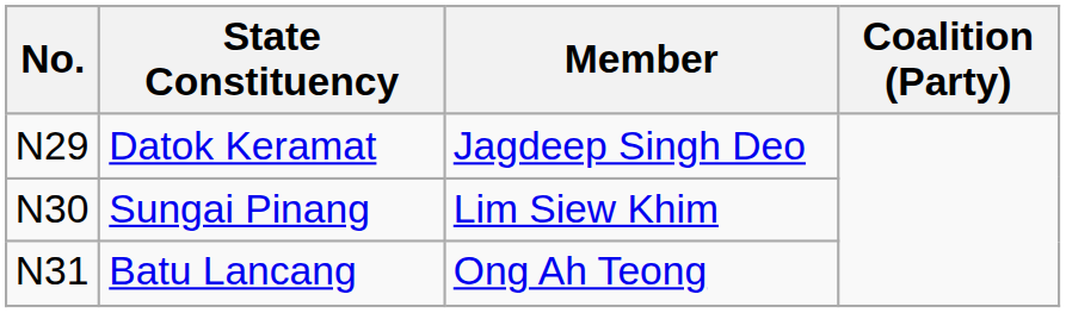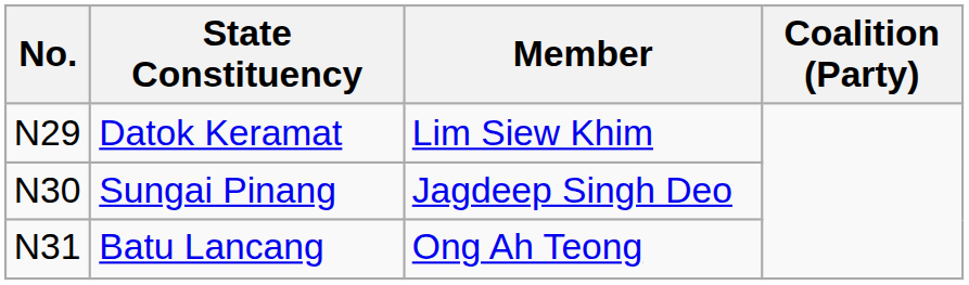 <table class="wikitable">
 <tr>
 <th width="30">No.</th>
 <th width="130">State Constituency</th>
 <th width="150">Member</th>
 <th width="80">Coalition (Party)</th>
 </tr>
 <tr>
 <td>N29</td>
 <td><a href='#'>Datok Keramat</a></td>
-<td><a href='#'>Jagdeep Singh Deo</a></td>
+<td><a href='#'>Lim Siew Khim</a></td>
 <td rowspan=3></td>
 </tr>
 <tr>
 <td>N30</td>
 <td><a href='#'>Sungai Pinang</a></td>
-<td><a href='#'>Lim Siew Khim</a></td>
+<td><a href='#'>Jagdeep Singh Deo</a></td>
 </tr>
 <tr>
 <td>N31</td>
 <td><a href='#'>Batu Lancang</a></td>
 <td><a href='#'>Ong Ah Teong</a></td>
 </tr>
 </table>
